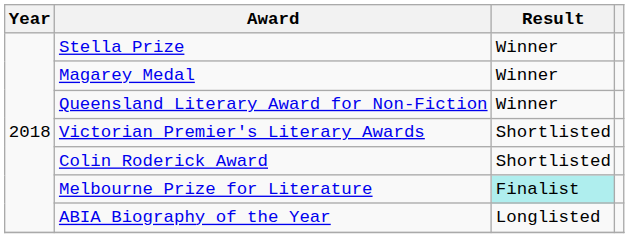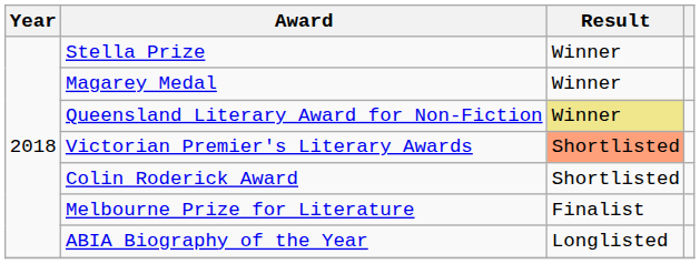 <table class="wikitable">
 <tr>
 <th>Year</th>
 <th>Award</th>
 <th>Result</th>
 <th></th>
 </tr>
 <tr>
 <td rowspan="7">2018</td>
 <td><a href='#'>Stella Prize</a></td>
 <td>Winner</td>
 <td></td>
 </tr>
 <tr>
 <td><a href='#'>Magarey Medal</a></td>
 <td>Winner</td>
 <td></td>
 </tr>
 <tr>
 <td><a href='#'>Queensland Literary Award for Non-Fiction</a></td>
-<td>Winner</td>
+<td style="background: khaki;">Winner</td>
 <td></td>
 </tr>
 <tr>
 <td><a href='#'>Victorian Premier's Literary Awards</a></td>
-<td>Shortlisted</td>
+<td style="background: lightsalmon;">Shortlisted</td>
 <td></td>
 </tr>
 <tr>
 <td><a href='#'>Colin Roderick Award</a></td>
 <td>Shortlisted</td>
 <td></td>
 </tr>
 <tr>
 <td><a href='#'>Melbourne Prize for Literature</a></td>
-<td style="background: paleturquoise;">Finalist</td>
+<td>Finalist</td>
 <td></td>
 </tr>
 <tr>
 <td><a href='#'>ABIA Biography of the Year</a></td>
 <td>Longlisted</td>
 <td></td>
 </tr>
 <tr>
 </tr>
 </table>
